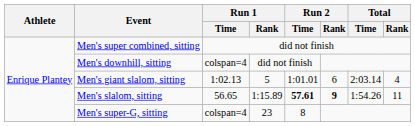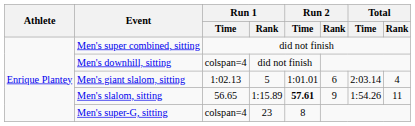 <table class=wikitable style=font-size:90%;text-align:center>
 <tr>
 <th rowspan=2>Athlete</th>
 <th rowspan=2>Event</th>
 <th colspan=2>Run 1</th>
 <th colspan=2>Run 2</th>
 <th colspan=2>Total</th>
 </tr>
 <tr style="font-size: 95%">
 <th>Time</th>
 <th>Rank</th>
 <th>Time</th>
 <th>Rank</th>
 <th>Time</th>
 <th>Rank</th>
 </tr>
 <tr>
 <td rowspan=5 align=left><a href='#'>Enrique Plantey</a></td>
 <td align=left><a href='#'>Men's super combined, sitting</a></td>
 <td colspan=6>did not finish</td>
 </tr>
 <tr>
 <td align=left><a href='#'>Men's downhill, sitting</a></td>
 <td>colspan=4 </td>
 <td colspan=2>did not finish</td>
 </tr>
 <tr>
 <td align=left><a href='#'>Men's giant slalom, sitting</a></td>
 <td>1:02.13</td>
 <td>5</td>
 <td>1:01.01</td>
 <td>6</td>
 <td>2:03.14</td>
 <td>4</td>
 </tr>
 <tr>
 <td align=left><a href='#'>Men's slalom, sitting</a></td>
 <td>56.65</td>
 <td>1:15.89</td>
 <td><strong>57.61</strong></td>
-<td><strong>9</strong></td>
+<td>9</td>
 <td>1:54.26</td>
 <td>11</td>
 </tr>
 <tr>
 <td align=left><a href='#'>Men's super-G, sitting</a></td>
 <td>colspan=4 </td>
 <td>23</td>
 <td>8</td>
 </tr>
 </table>
